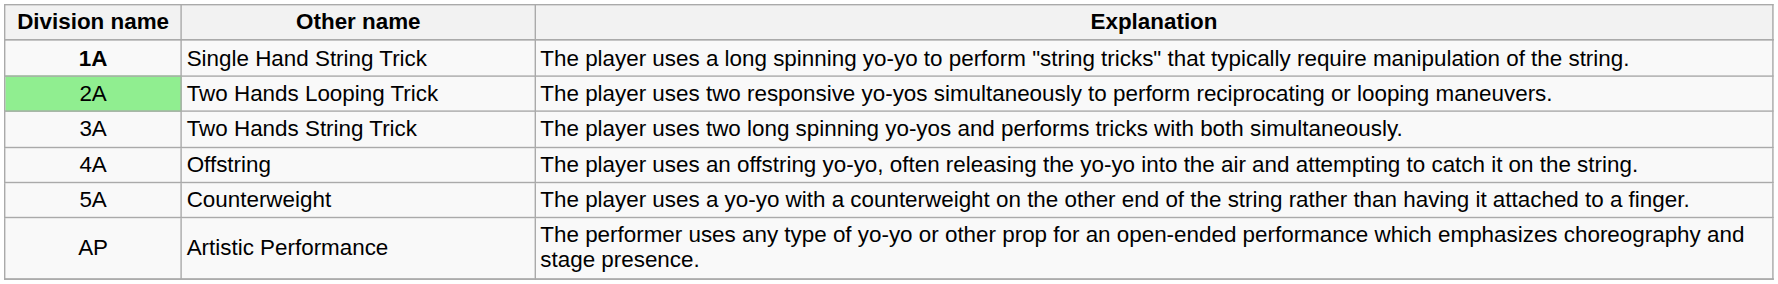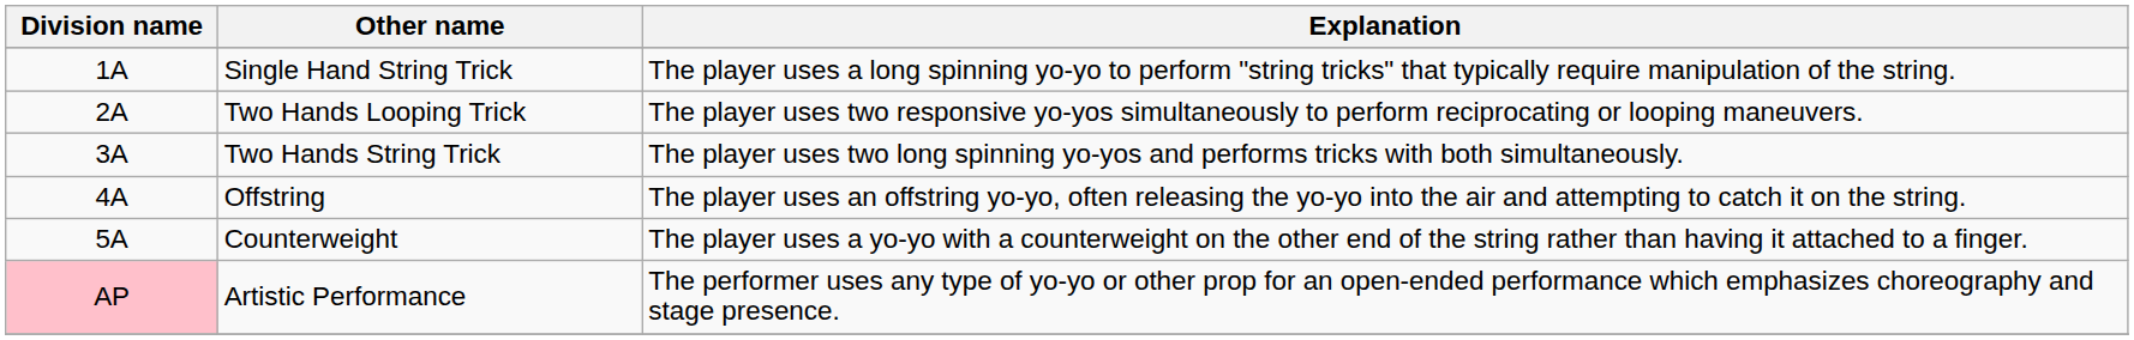 <table class="wikitable" width=100%>
 <tr>
 <th width=10%>Division name</th>
 <th width=20%>Other name</th>
 <th width=70%>Explanation</th>
 </tr>
 <tr>
 </tr>
 <tr>
-<td style="text-align: center;"><strong>1A</strong></td>
+<td style="text-align: center;">1A</td>
 <td>Single Hand String Trick</td>
 <td align=left>The player uses a long spinning yo-yo to perform "string tricks" that typically require manipulation of the string.</td>
 </tr>
 <tr>
-<td style="background: lightgreen; text-align: center;">2A</td>
+<td style="text-align: center;">2A</td>
 <td>Two Hands Looping Trick</td>
 <td align=left>The player uses two responsive yo-yos simultaneously to perform reciprocating or looping maneuvers.</td>
 </tr>
 <tr>
 <td style="text-align: center;">3A</td>
 <td>Two Hands String Trick</td>
 <td align=left>The player uses two long spinning yo-yos and performs tricks with both simultaneously.</td>
 </tr>
 <tr>
 <td style="text-align: center;">4A</td>
 <td>Offstring</td>
 <td align=left>The player uses an offstring yo-yo, often releasing the yo-yo into the air and attempting to catch it on the string.</td>
 </tr>
 <tr>
 <td style="text-align: center;">5A</td>
 <td>Counterweight</td>
 <td align=left>The player uses a yo-yo with a counterweight on the other end of the string rather than having it attached to a finger.</td>
 </tr>
 <tr>
-<td style="text-align: center;">AP</td>
+<td style="background: pink; text-align: center;">AP</td>
 <td>Artistic Performance</td>
 <td align=left>The performer uses any type of yo-yo or other prop for an open-ended performance which emphasizes choreography and stage presence.</td>
 </tr>
 <tr>
 </tr>
 <tr>
 </tr>
 </table>
